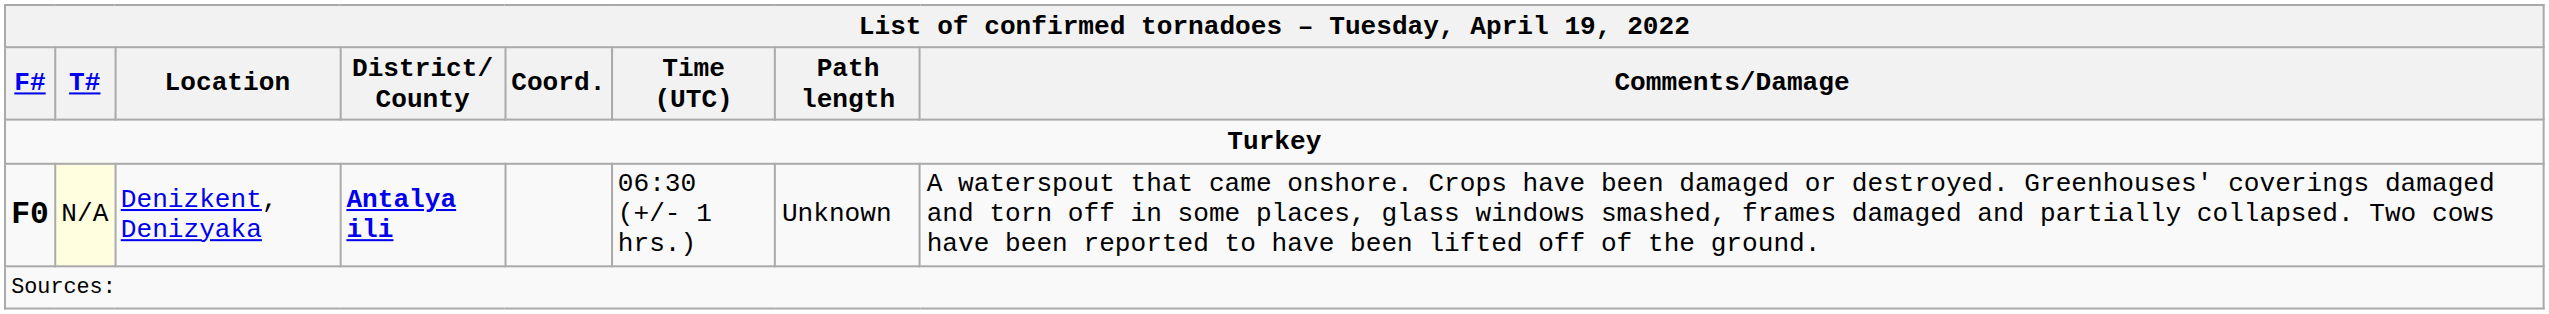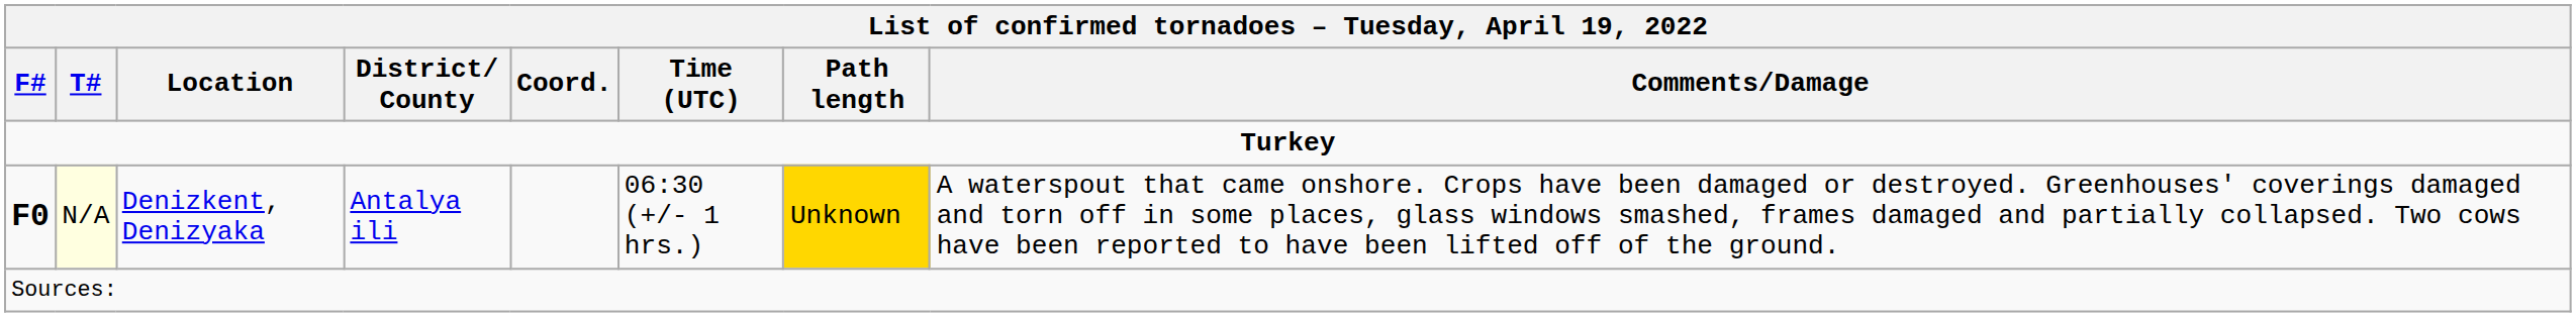 <table class="wikitable collapsible" width="100%">
 <tr>
 <th colspan="8">List of confirmed tornadoes – Tuesday, April 19, 2022</th>
 </tr>
 <tr>
 <th><a href='#'>F#</a></th>
 <th><a href='#'>T#</a></th>
 <th>Location</th>
 <th>District/<br>County</th>
 <th>Coord.</th>
 <th>Time (UTC)</th>
 <th>Path length</th>
 <th>Comments/Damage</th>
 </tr>
 <tr>
 <td colspan="8" align=center><strong>Turkey</strong></td>
 </tr>
 <tr>
 <td><big><strong>F0</strong></big></td>
 <td style="background: lightyellow;">N/A</td>
 <td><a href='#'>Denizkent</a>, <a href='#'>Denizyaka</a></td>
-<td><strong><a href='#'>Antalya ili</a></strong></td>
+<td><a href='#'>Antalya ili</a></td>
 <td></td>
 <td>06:30 (+/- 1 hrs.)</td>
-<td>Unknown</td>
+<td style="background: gold;">Unknown</td>
 <td>A waterspout that came onshore. Crops have been damaged or destroyed. Greenhouses' coverings damaged and torn off in some places, glass windows smashed, frames damaged and partially collapsed. Two cows have been reported to have been lifted off of the ground.</td>
 </tr>
 <tr>
 <td colspan="8"><small>Sources:  </small></td>
 </tr>
 </table>
